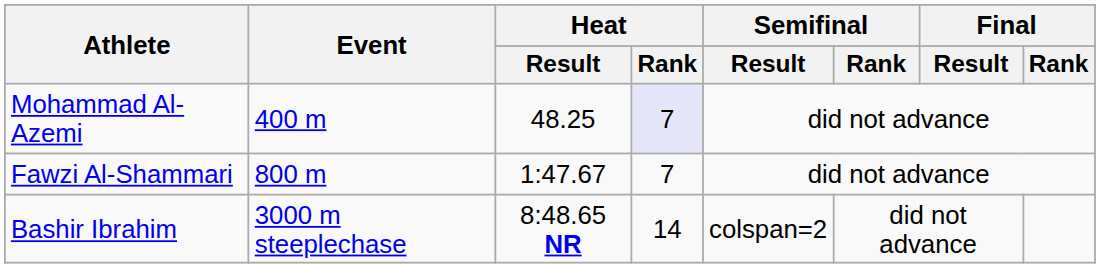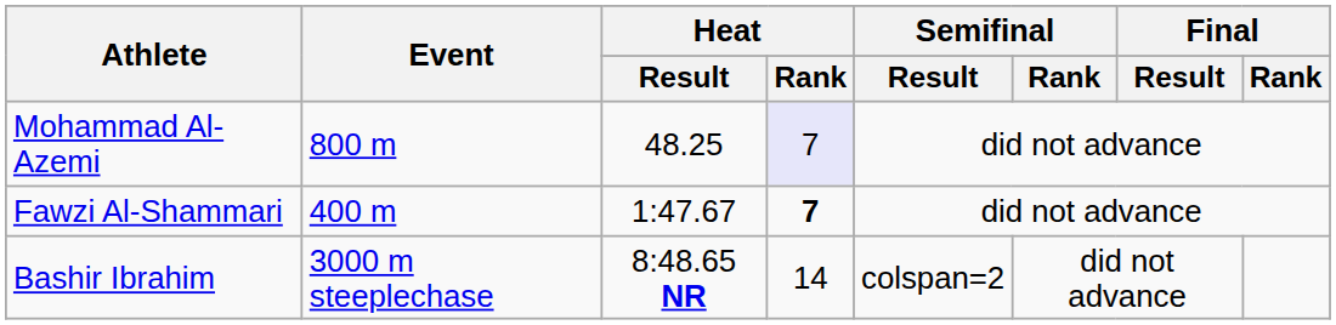 <table class=wikitable style="font-size:90%">
 <tr>
 <th rowspan="2">Athlete</th>
 <th rowspan="2">Event</th>
 <th colspan="2">Heat</th>
 <th colspan="2">Semifinal</th>
 <th colspan="2">Final</th>
 </tr>
 <tr style="font-size:95%">
 <th>Result</th>
 <th>Rank</th>
 <th>Result</th>
 <th>Rank</th>
 <th>Result</th>
 <th>Rank</th>
 </tr>
 <tr align=center>
 <td align=left><a href='#'>Mohammad Al-Azemi</a></td>
-<td align=left><a href='#'>400 m</a></td>
+<td align=left><a href='#'>800 m</a></td>
 <td>48.25</td>
 <td style="background: lavender;">7</td>
 <td colspan=4>did not advance</td>
 </tr>
 <tr align=center>
 <td align=left><a href='#'>Fawzi Al-Shammari</a></td>
-<td align=left><a href='#'>800 m</a></td>
+<td align=left><a href='#'>400 m</a></td>
 <td>1:47.67</td>
-<td>7</td>
+<td><strong>7</strong></td>
 <td colspan=4>did not advance</td>
 </tr>
 <tr align=center>
 <td align=left><a href='#'>Bashir Ibrahim</a></td>
 <td align=left><a href='#'>3000 m steeplechase</a></td>
 <td>8:48.65 <strong><a href='#'>NR</a></strong></td>
 <td>14</td>
 <td>colspan=2 </td>
 <td colspan=2>did not advance</td>
 </tr>
 </table>
